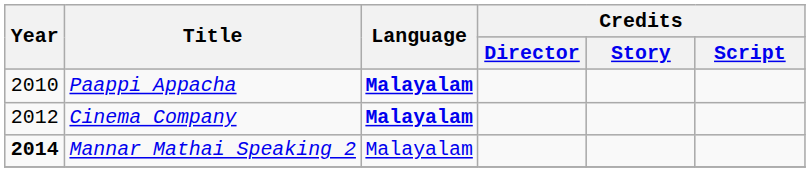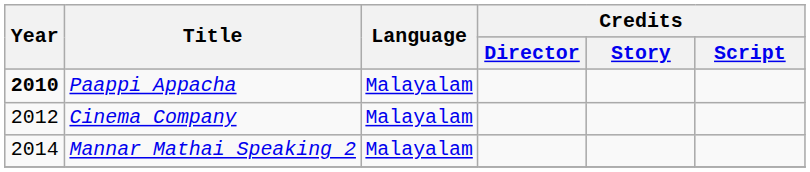 <table class="wikitable">
 <tr>
 <th rowspan="2" width="33">Year</th>
 <th rowspan="2">Title</th>
 <th rowspan="2">Language</th>
 <th colspan="3">Credits</th>
 </tr>
 <tr>
 <th width=65><a href='#'>Director</a></th>
 <th width=65><a href='#'>Story</a></th>
 <th width=65><a href='#'>Script</a></th>
 </tr>
 <tr align="center">
-<td align="center" rowspan="1">2010</td>
+<td align="center" rowspan="1"><strong>2010</strong></td>
 <td align="left"><em><a href='#'>Paappi Appacha</a></em></td>
-<td align="left"><strong><a href='#'>Malayalam</a></strong></td>
+<td align="left"><a href='#'>Malayalam</a></td>
 <td></td>
 <td></td>
 <td></td>
 </tr>
 <tr align="center">
 <td align="center" rowspan="1">2012</td>
 <td align="left"><em><a href='#'>Cinema Company</a></em></td>
-<td align="left"><strong><a href='#'>Malayalam</a></strong></td>
+<td align="left"><a href='#'>Malayalam</a></td>
 <td></td>
 <td></td>
 <td></td>
 </tr>
 <tr align="center">
-<td align="center" rowspan="1"><strong>2014</strong></td>
+<td align="center" rowspan="1">2014</td>
 <td align="left"><em><a href='#'>Mannar Mathai Speaking 2</a></em></td>
 <td align="left"><a href='#'>Malayalam</a></td>
 <td></td>
 <td></td>
 <td></td>
 </tr>
 <tr align="center">
 </tr>
 </table>
